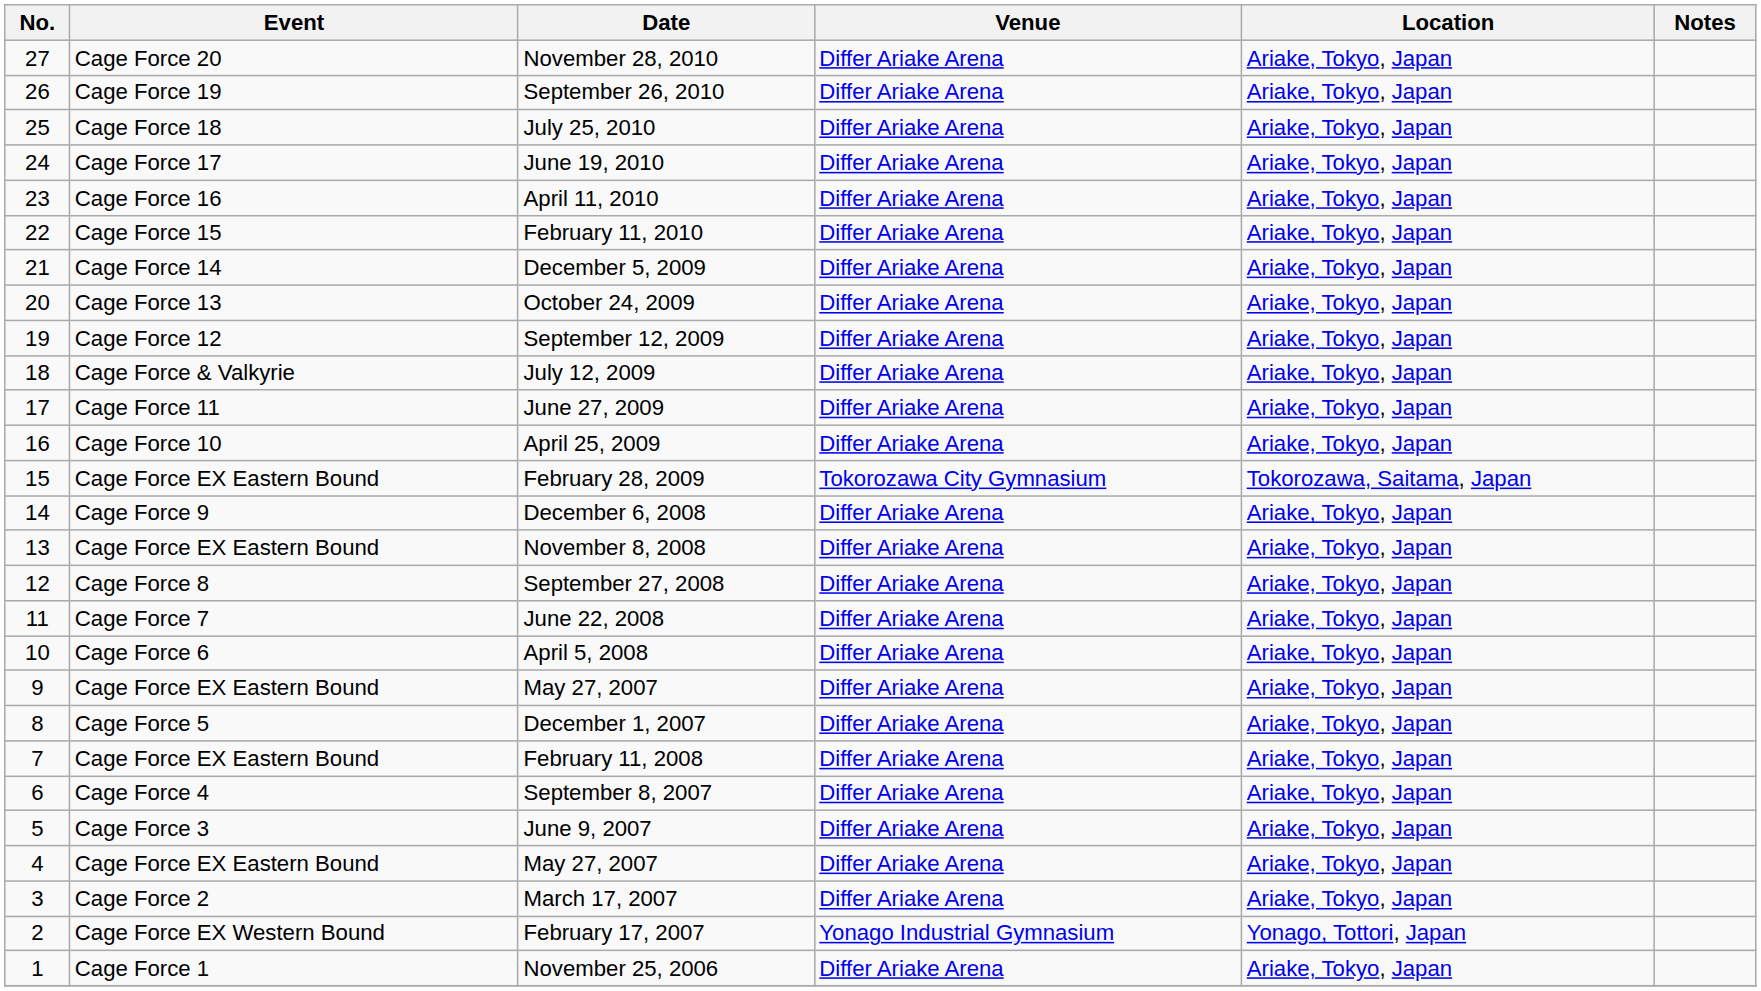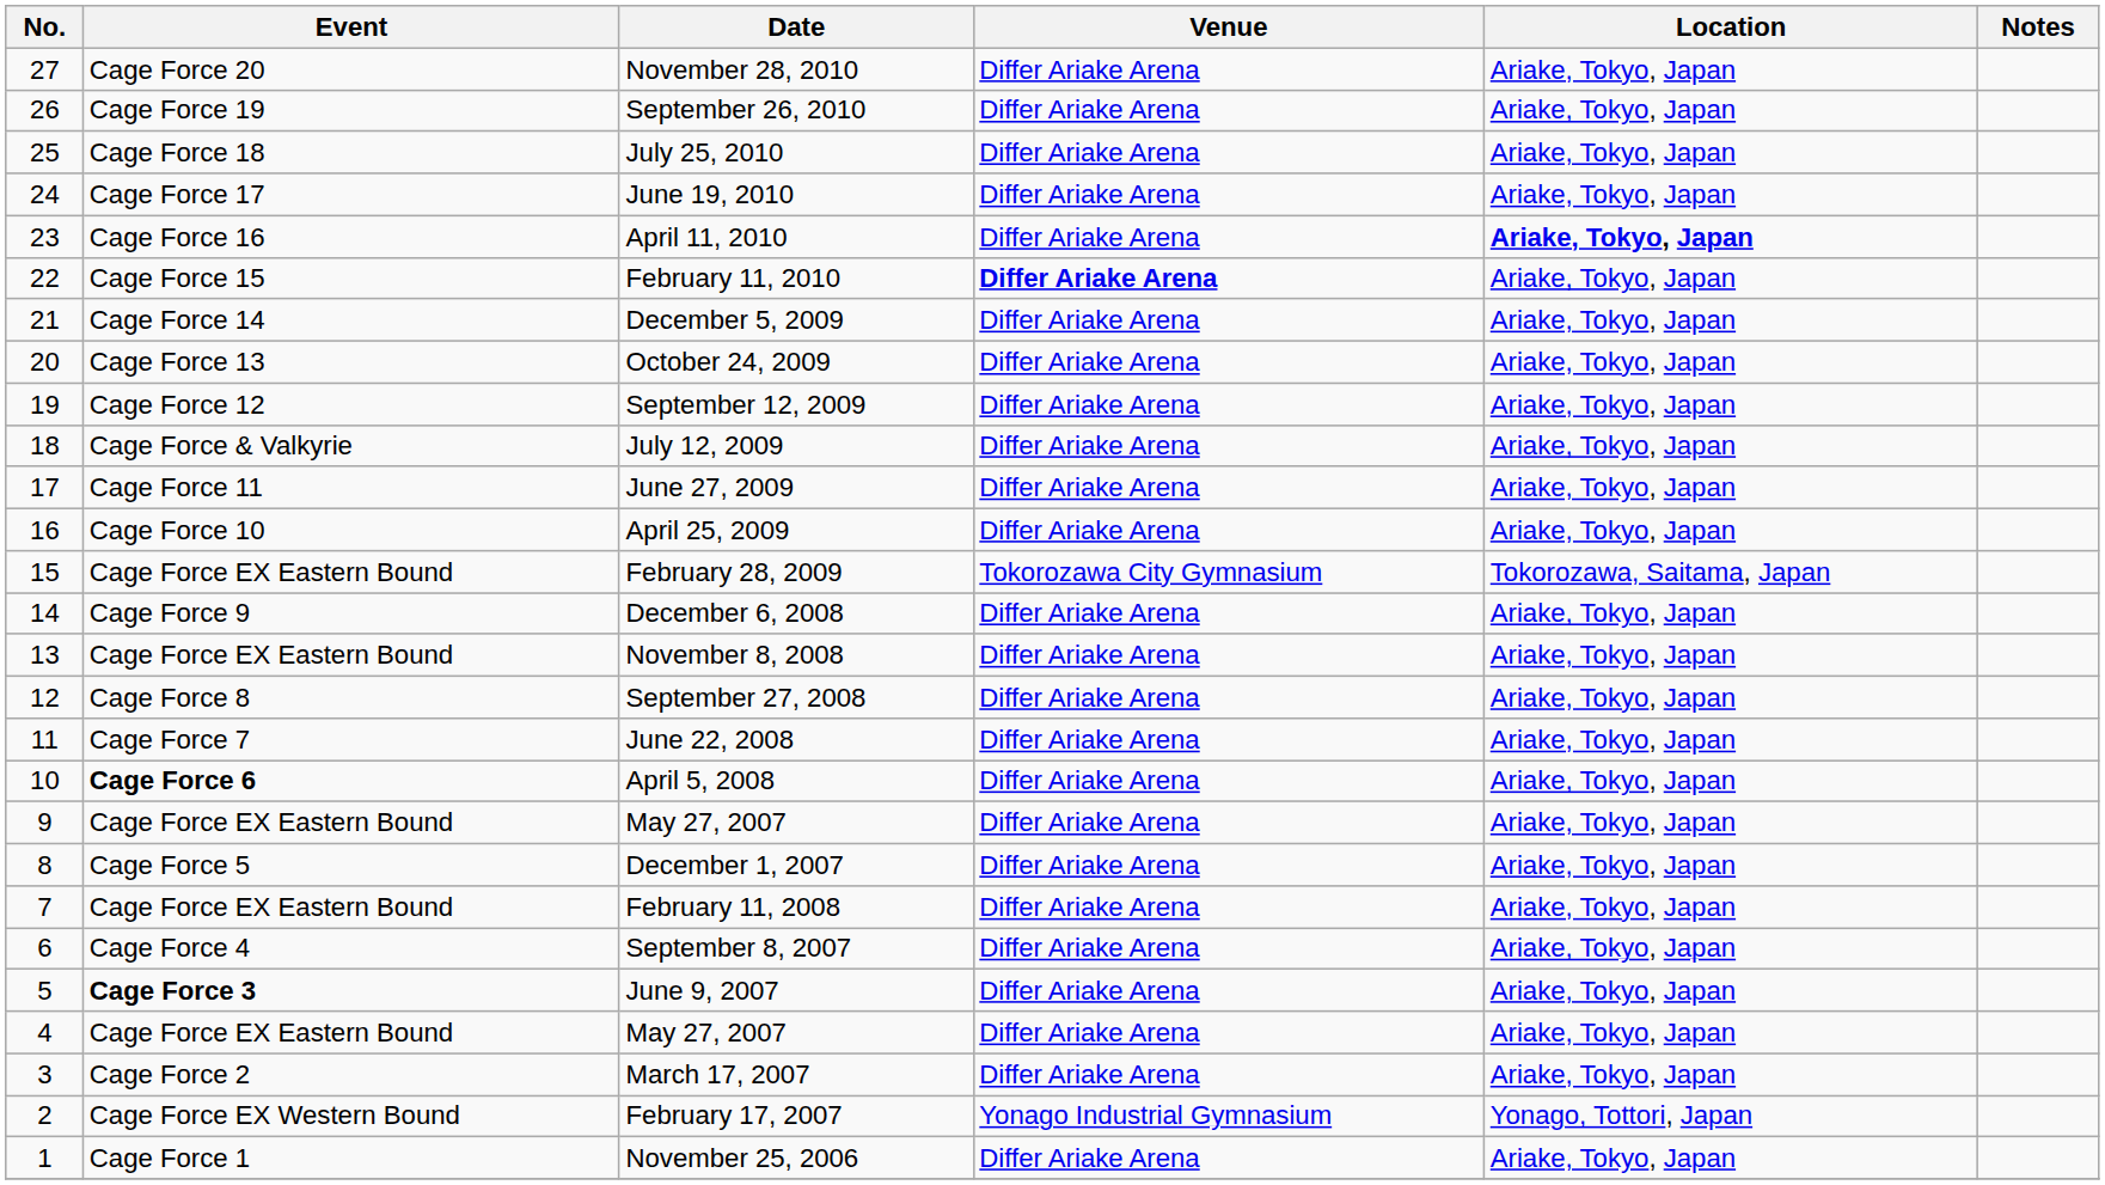 <table class="wikitable sortable" style="width:90%; margin:auto; font-size:90%;">
 <tr>
 <th>No.</th>
 <th>Event</th>
 <th>Date</th>
 <th>Venue</th>
 <th>Location</th>
 <th>Notes</th>
 </tr>
 <tr>
 <td style="text-align:center">27</td>
 <td>Cage Force 20</td>
 <td>November 28, 2010</td>
 <td><a href='#'>Differ Ariake Arena</a></td>
 <td><a href='#'>Ariake, Tokyo</a>, <a href='#'>Japan</a></td>
 <td></td>
 </tr>
 <tr>
 <td style="text-align:center">26</td>
 <td>Cage Force 19</td>
 <td>September 26, 2010</td>
 <td><a href='#'>Differ Ariake Arena</a></td>
 <td><a href='#'>Ariake, Tokyo</a>, <a href='#'>Japan</a></td>
 <td></td>
 </tr>
 <tr>
 <td style="text-align:center">25</td>
 <td>Cage Force 18</td>
 <td>July 25, 2010</td>
 <td><a href='#'>Differ Ariake Arena</a></td>
 <td><a href='#'>Ariake, Tokyo</a>, <a href='#'>Japan</a></td>
 <td></td>
 </tr>
 <tr>
 <td style="text-align:center">24</td>
 <td>Cage Force 17</td>
 <td>June 19, 2010</td>
 <td><a href='#'>Differ Ariake Arena</a></td>
 <td><a href='#'>Ariake, Tokyo</a>, <a href='#'>Japan</a></td>
 <td></td>
 </tr>
 <tr>
 <td style="text-align:center">23</td>
 <td>Cage Force 16</td>
 <td>April 11, 2010</td>
 <td><a href='#'>Differ Ariake Arena</a></td>
-<td><a href='#'>Ariake, Tokyo</a>, <a href='#'>Japan</a></td>
+<td><strong><a href='#'>Ariake, Tokyo</a>, <a href='#'>Japan</a></strong></td>
 <td></td>
 </tr>
 <tr>
 <td style="text-align:center">22</td>
 <td>Cage Force 15</td>
 <td>February 11, 2010</td>
-<td><a href='#'>Differ Ariake Arena</a></td>
+<td><strong><a href='#'>Differ Ariake Arena</a></strong></td>
 <td><a href='#'>Ariake, Tokyo</a>, <a href='#'>Japan</a></td>
 <td></td>
 </tr>
 <tr>
 <td style="text-align:center">21</td>
 <td>Cage Force 14</td>
 <td>December 5, 2009</td>
 <td><a href='#'>Differ Ariake Arena</a></td>
 <td><a href='#'>Ariake, Tokyo</a>, <a href='#'>Japan</a></td>
 <td></td>
 </tr>
 <tr>
 <td style="text-align:center">20</td>
 <td>Cage Force 13</td>
 <td>October 24, 2009</td>
 <td><a href='#'>Differ Ariake Arena</a></td>
 <td><a href='#'>Ariake, Tokyo</a>, <a href='#'>Japan</a></td>
 <td></td>
 </tr>
 <tr>
 <td style="text-align:center">19</td>
 <td>Cage Force 12</td>
 <td>September 12, 2009</td>
 <td><a href='#'>Differ Ariake Arena</a></td>
 <td><a href='#'>Ariake, Tokyo</a>, <a href='#'>Japan</a></td>
 <td></td>
 </tr>
 <tr>
 <td style="text-align:center">18</td>
 <td>Cage Force & Valkyrie</td>
 <td>July 12, 2009</td>
 <td><a href='#'>Differ Ariake Arena</a></td>
 <td><a href='#'>Ariake, Tokyo</a>, <a href='#'>Japan</a></td>
 <td></td>
 </tr>
 <tr>
 <td style="text-align:center">17</td>
 <td>Cage Force 11</td>
 <td>June 27, 2009</td>
 <td><a href='#'>Differ Ariake Arena</a></td>
 <td><a href='#'>Ariake, Tokyo</a>, <a href='#'>Japan</a></td>
 <td></td>
 </tr>
 <tr>
 <td style="text-align:center">16</td>
 <td>Cage Force 10</td>
 <td>April 25, 2009</td>
 <td><a href='#'>Differ Ariake Arena</a></td>
 <td><a href='#'>Ariake, Tokyo</a>, <a href='#'>Japan</a></td>
 <td></td>
 </tr>
 <tr>
 <td style="text-align:center">15</td>
 <td>Cage Force EX Eastern Bound</td>
 <td>February 28, 2009</td>
 <td><a href='#'>Tokorozawa City Gymnasium</a></td>
 <td><a href='#'>Tokorozawa, Saitama</a>, <a href='#'>Japan</a></td>
 <td></td>
 </tr>
 <tr>
 <td style="text-align:center">14</td>
 <td>Cage Force 9</td>
 <td>December 6, 2008</td>
 <td><a href='#'>Differ Ariake Arena</a></td>
 <td><a href='#'>Ariake, Tokyo</a>, <a href='#'>Japan</a></td>
 <td></td>
 </tr>
 <tr>
 <td style="text-align:center">13</td>
 <td>Cage Force EX Eastern Bound</td>
 <td>November 8, 2008</td>
 <td><a href='#'>Differ Ariake Arena</a></td>
 <td><a href='#'>Ariake, Tokyo</a>, <a href='#'>Japan</a></td>
 <td></td>
 </tr>
 <tr>
 <td style="text-align:center">12</td>
 <td>Cage Force 8</td>
 <td>September 27, 2008</td>
 <td><a href='#'>Differ Ariake Arena</a></td>
 <td><a href='#'>Ariake, Tokyo</a>, <a href='#'>Japan</a></td>
 <td></td>
 </tr>
 <tr>
 <td style="text-align:center">11</td>
 <td>Cage Force 7</td>
 <td>June 22, 2008</td>
 <td><a href='#'>Differ Ariake Arena</a></td>
 <td><a href='#'>Ariake, Tokyo</a>, <a href='#'>Japan</a></td>
 <td></td>
 </tr>
 <tr>
 <td style="text-align:center">10</td>
-<td>Cage Force 6</td>
+<td><strong>Cage Force 6</strong></td>
 <td>April 5, 2008</td>
 <td><a href='#'>Differ Ariake Arena</a></td>
 <td><a href='#'>Ariake, Tokyo</a>, <a href='#'>Japan</a></td>
 <td></td>
 </tr>
 <tr>
 <td style="text-align:center">9</td>
 <td>Cage Force EX Eastern Bound</td>
 <td>May 27, 2007</td>
 <td><a href='#'>Differ Ariake Arena</a></td>
 <td><a href='#'>Ariake, Tokyo</a>, <a href='#'>Japan</a></td>
 <td></td>
 </tr>
 <tr>
 <td style="text-align:center">8</td>
 <td>Cage Force 5</td>
 <td>December 1, 2007</td>
 <td><a href='#'>Differ Ariake Arena</a></td>
 <td><a href='#'>Ariake, Tokyo</a>, <a href='#'>Japan</a></td>
 <td></td>
 </tr>
 <tr>
 <td style="text-align:center">7</td>
 <td>Cage Force EX Eastern Bound</td>
 <td>February 11, 2008</td>
 <td><a href='#'>Differ Ariake Arena</a></td>
 <td><a href='#'>Ariake, Tokyo</a>, <a href='#'>Japan</a></td>
 <td></td>
 </tr>
 <tr>
 <td style="text-align:center">6</td>
 <td>Cage Force 4</td>
 <td>September 8, 2007</td>
 <td><a href='#'>Differ Ariake Arena</a></td>
 <td><a href='#'>Ariake, Tokyo</a>, <a href='#'>Japan</a></td>
 <td></td>
 </tr>
 <tr>
 <td style="text-align:center">5</td>
-<td>Cage Force 3</td>
+<td><strong>Cage Force 3</strong></td>
 <td>June 9, 2007</td>
 <td><a href='#'>Differ Ariake Arena</a></td>
 <td><a href='#'>Ariake, Tokyo</a>, <a href='#'>Japan</a></td>
 <td></td>
 </tr>
 <tr>
 <td style="text-align:center">4</td>
 <td>Cage Force EX Eastern Bound</td>
 <td>May 27, 2007</td>
 <td><a href='#'>Differ Ariake Arena</a></td>
 <td><a href='#'>Ariake, Tokyo</a>, <a href='#'>Japan</a></td>
 <td></td>
 </tr>
 <tr>
 <td style="text-align:center">3</td>
 <td>Cage Force 2</td>
 <td>March 17, 2007</td>
 <td><a href='#'>Differ Ariake Arena</a></td>
 <td><a href='#'>Ariake, Tokyo</a>, <a href='#'>Japan</a></td>
 <td></td>
 </tr>
 <tr>
 <td style="text-align:center">2</td>
 <td>Cage Force EX Western Bound</td>
 <td>February 17, 2007</td>
 <td><a href='#'>Yonago Industrial Gymnasium</a></td>
 <td><a href='#'>Yonago, Tottori</a>, <a href='#'>Japan</a></td>
 <td></td>
 </tr>
 <tr>
 <td style="text-align:center">1</td>
 <td>Cage Force 1</td>
 <td>November 25, 2006</td>
 <td><a href='#'>Differ Ariake Arena</a></td>
 <td><a href='#'>Ariake, Tokyo</a>, <a href='#'>Japan</a></td>
 <td></td>
 </tr>
 <tr>
 </tr>
 </table>
